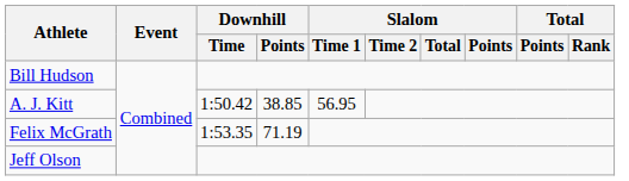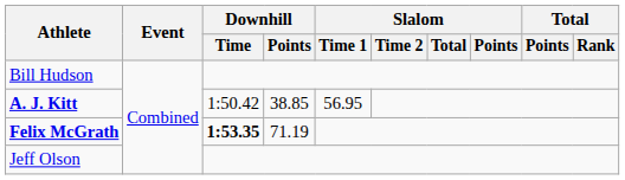 <table class=wikitable style=font-size:90%;text-align:center>
 <tr>
 <th rowspan=2>Athlete</th>
 <th rowspan=2>Event</th>
 <th colspan=2>Downhill</th>
 <th colspan=4>Slalom</th>
 <th colspan=2>Total</th>
 </tr>
 <tr style=font-size:95%>
 <th>Time</th>
 <th>Points</th>
 <th>Time 1</th>
 <th>Time 2</th>
 <th>Total</th>
 <th>Points</th>
 <th>Points</th>
 <th>Rank</th>
 </tr>
 <tr>
 <td align=left><a href='#'>Bill Hudson</a></td>
 <td align=left rowspan=4><a href='#'>Combined</a></td>
 <td colspan=8></td>
 </tr>
 <tr>
-<td align=left><a href='#'>A. J. Kitt</a></td>
+<td align=left><strong><a href='#'>A. J. Kitt</a></strong></td>
 <td>1:50.42</td>
 <td>38.85</td>
 <td>56.95</td>
 <td colspan=5></td>
 </tr>
 <tr>
-<td align=left><a href='#'>Felix McGrath</a></td>
-<td>1:53.35</td>
+<td align=left><strong><a href='#'>Felix McGrath</a></strong></td>
+<td><strong>1:53.35</strong></td>
 <td>71.19</td>
 <td colspan=6></td>
 </tr>
 <tr>
 <td align=left><a href='#'>Jeff Olson</a></td>
 <td colspan=8></td>
 </tr>
 </table>
